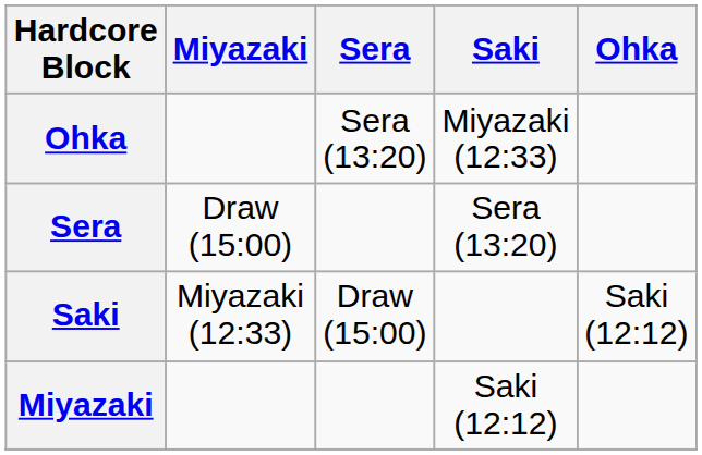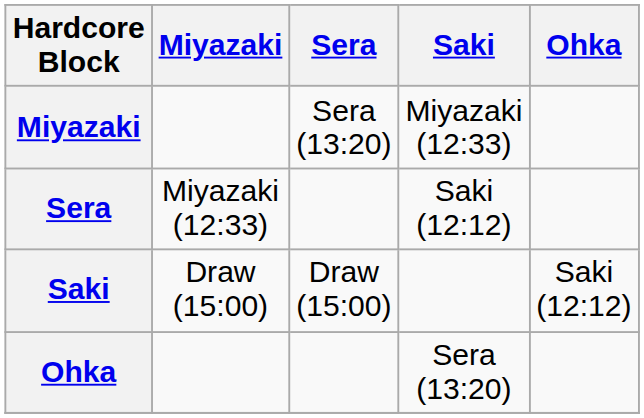 <table class="wikitable" style="text-align:center; margin: 1em auto 1em auto;" width="25%">
 <tr>
 <th>Hardcore Block</th>
 <th><a href='#'>Miyazaki</a></th>
 <th><a href='#'>Sera</a></th>
 <th><a href='#'>Saki</a></th>
 <th><a href='#'>Ohka</a></th>
 </tr>
 <tr>
-<th><a href='#'>Ohka</a></th>
+<th><a href='#'>Miyazaki</a></th>
 <td></td>
 <td>Sera<br>(13:20)</td>
 <td>Miyazaki<br>(12:33)</td>
 <td></td>
 </tr>
 <tr>
 <th><a href='#'>Sera</a></th>
+<td>Miyazaki<br>(12:33)</td>
+<td></td>
+<td>Saki<br>(12:12)</td>
+<td></td>
+</tr>
+<tr>
+<th><a href='#'>Saki</a></th>
 <td>Draw<br>(15:00)</td>
+<td>Draw<br>(15:00)</td>
+<td></td>
+<td>Saki<br>(12:12)</td>
+</tr>
+<tr>
+<th><a href='#'>Ohka</a></th>
+<td></td>
 <td></td>
 <td>Sera<br>(13:20)</td>
 <td></td>
 </tr>
 <tr>
-<th><a href='#'>Saki</a></th>
-<td>Miyazaki<br>(12:33)</td>
-<td>Draw<br>(15:00)</td>
-<td></td>
-<td>Saki<br>(12:12)</td>
-</tr>
-<tr>
-<th><a href='#'>Miyazaki</a></th>
-<td></td>
-<td></td>
-<td>Saki<br>(12:12)</td>
-<td></td>
-</tr>
-<tr>
 </tr>
 </table>
